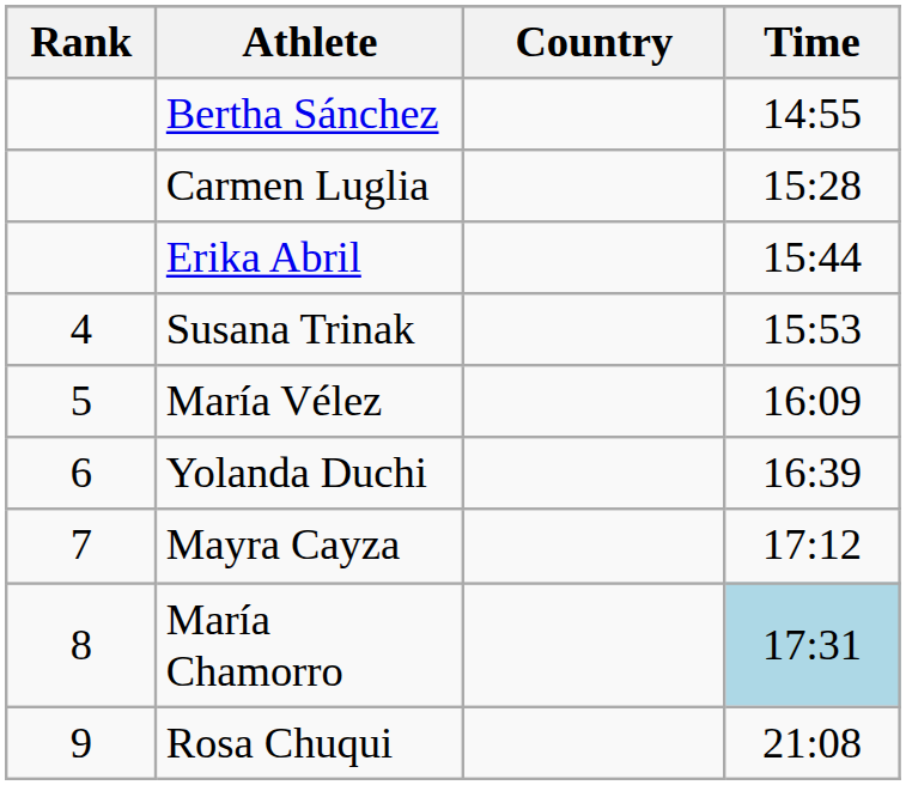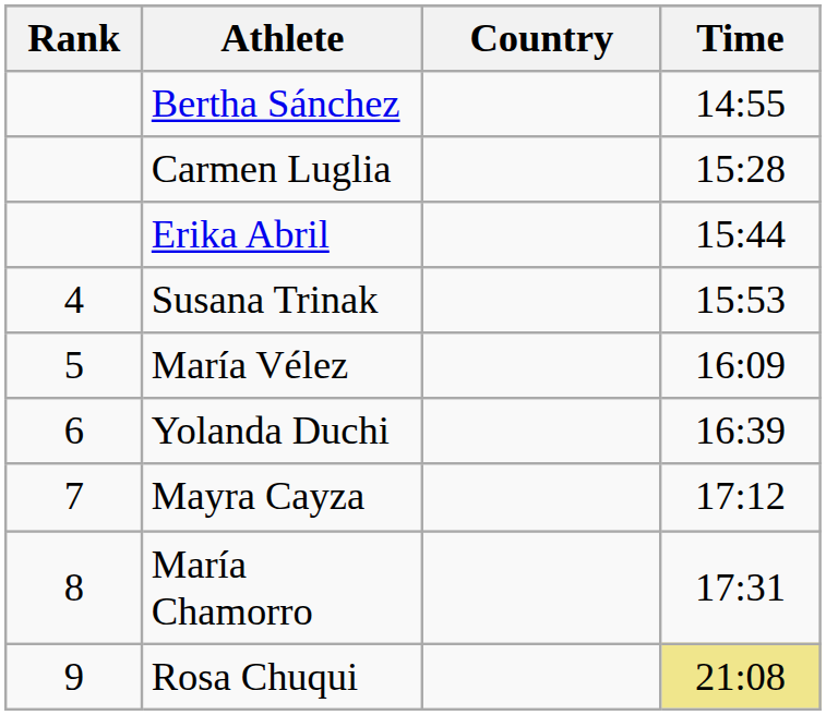 <table class="wikitable sortable" style=" text-align:center; font-size:95%;" width="50%">
 <tr>
 </tr>
 <tr>
 <th width=5%>Rank</th>
 <th width=20%>Athlete</th>
 <th width=15%>Country</th>
 <th width=10%>Time</th>
 </tr>
 <tr>
 <td align=center></td>
 <td align=left><a href='#'>Bertha Sánchez</a></td>
 <td align=left></td>
 <td>14:55</td>
 </tr>
 <tr>
 <td align=center></td>
 <td align=left>Carmen Luglia</td>
 <td align=left></td>
 <td>15:28</td>
 </tr>
 <tr>
 <td align=center></td>
 <td align=left><a href='#'>Erika Abril</a></td>
 <td align=left></td>
 <td>15:44</td>
 </tr>
 <tr>
 <td align=center>4</td>
 <td align=left>Susana Trinak</td>
 <td align=left></td>
 <td>15:53</td>
 </tr>
 <tr>
 <td align=center>5</td>
 <td align=left>María Vélez</td>
 <td align=left></td>
 <td>16:09</td>
 </tr>
 <tr>
 <td align=center>6</td>
 <td align=left>Yolanda Duchi</td>
 <td align=left></td>
 <td>16:39</td>
 </tr>
 <tr>
 <td align=center>7</td>
 <td align=left>Mayra Cayza</td>
 <td align=left></td>
 <td>17:12</td>
 </tr>
 <tr>
 <td align=center>8</td>
 <td align=left>María Chamorro</td>
 <td align=left></td>
-<td style="background: lightblue;">17:31</td>
+<td>17:31</td>
 </tr>
 <tr>
 <td align=center>9</td>
 <td align=left>Rosa Chuqui</td>
 <td align=left></td>
-<td>21:08</td>
+<td style="background: khaki;">21:08</td>
 </tr>
 </table>
